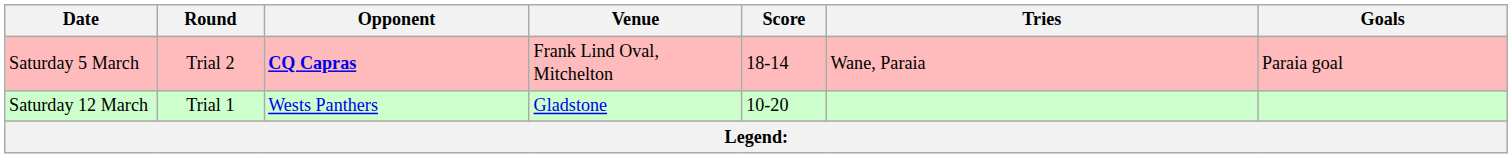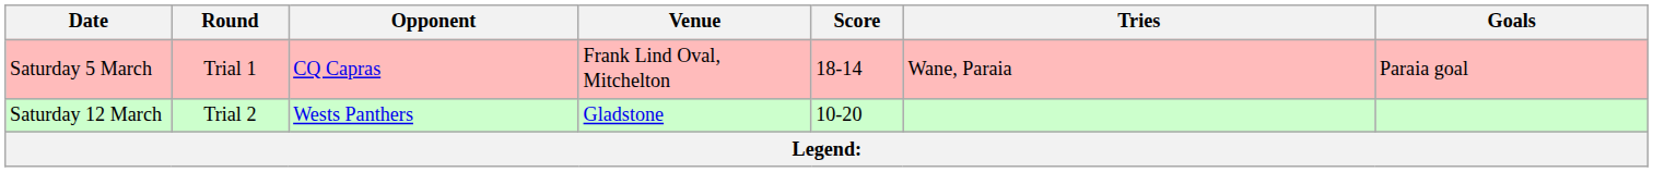 <table class="wikitable" style="font-size:75%;">
 <tr>
 <th style="width:95px;">Date</th>
 <th style="width:65px;">Round</th>
 <th style="width:170px;">Opponent</th>
 <th style="width:135px;">Venue</th>
 <th style="width:50px;">Score</th>
 <th style="width:280px;">Tries</th>
 <th style="width:160px;">Goals</th>
 </tr>
 <tr style="background:#FFBBBB">
 <td>Saturday 5 March</td>
-<td style="text-align:center;">Trial 2</td>
-<td><strong> <a href='#'>CQ Capras</a></strong></td>
+<td style="text-align:center;">Trial 1</td>
+<td> <a href='#'>CQ Capras</a></td>
 <td>Frank Lind Oval, Mitchelton</td>
 <td>18-14</td>
 <td>Wane, Paraia</td>
 <td>Paraia goal</td>
 </tr>
 <tr style="background:#CCFFCC">
 <td>Saturday 12 March</td>
-<td style="text-align:center;">Trial 1</td>
+<td style="text-align:center;">Trial 2</td>
 <td><a href='#'>Wests Panthers</a></td>
 <td><a href='#'>Gladstone</a></td>
 <td>10-20</td>
 <td></td>
 <td></td>
 </tr>
 <tr>
 <th colspan="07"><strong>Legend</strong>:    </th>
 </tr>
 </table>
